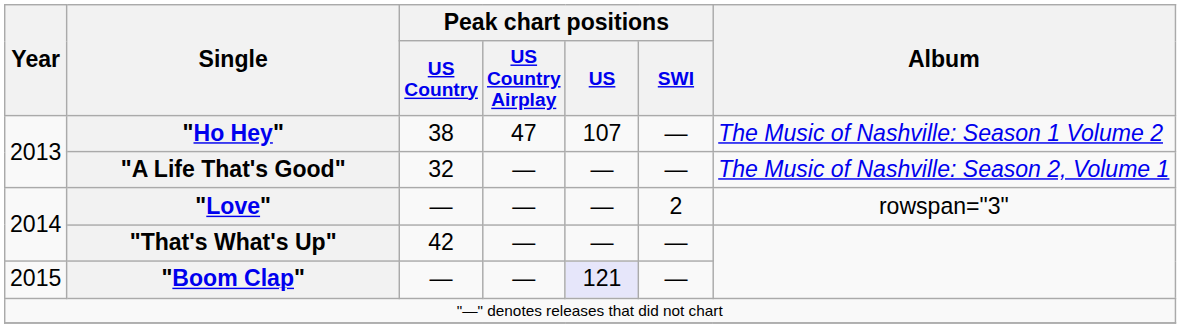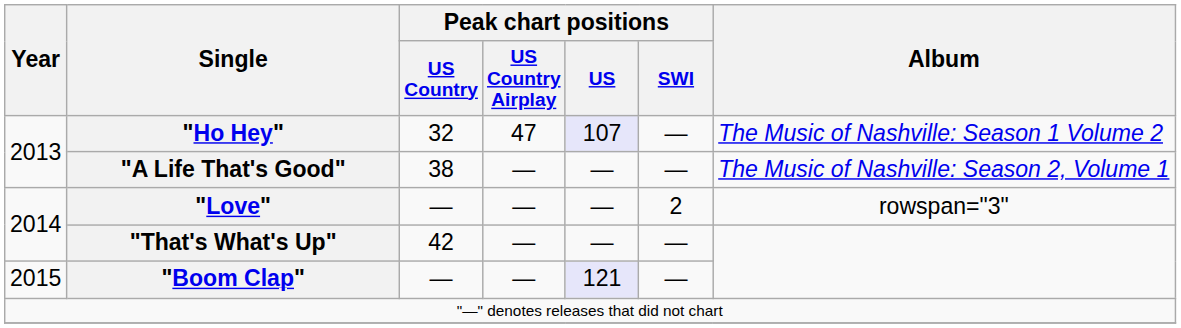 <table class="wikitable plainrowheaders" style="text-align:center;">
 <tr>
 <th rowspan="2">Year</th>
 <th rowspan="2" style="width:14em;">Single</th>
 <th colspan="4">Peak chart positions</th>
 <th rowspan="2">Album</th>
 </tr>
 <tr style="font-size:smaller;">
 <th width="45"><a href='#'>US Country</a></th>
 <th width="45"><a href='#'>US Country Airplay</a></th>
 <th width="45"><a href='#'>US</a></th>
 <th width="45"><a href='#'>SWI</a></th>
 </tr>
 <tr>
 <td rowspan="2">2013</td>
 <th scope="row">"<a href='#'>Ho Hey</a>"</th>
-<td>38</td>
+<td>32</td>
 <td>47</td>
-<td>107</td>
+<td style="background: lavender;">107</td>
 <td>—</td>
 <td align="left"><em><a href='#'>The Music of Nashville: Season 1 Volume 2</a></em></td>
 </tr>
 <tr>
 <th scope="row">"A Life That's Good"</th>
-<td>32</td>
+<td>38</td>
 <td>—</td>
 <td>—</td>
 <td>—</td>
 <td align="left"><em><a href='#'>The Music of Nashville: Season 2, Volume 1</a></em></td>
 </tr>
 <tr>
 <td rowspan="2">2014</td>
 <th scope="row">"<a href='#'>Love</a>"</th>
 <td>—</td>
 <td>—</td>
 <td>—</td>
 <td>2</td>
 <td>rowspan="3" </td>
 </tr>
 <tr>
 <th scope="row">"That's What's Up"</th>
 <td>42</td>
 <td>—</td>
 <td>—</td>
 <td>—</td>
 </tr>
 <tr>
 <td>2015</td>
 <th scope="row">"<a href='#'>Boom Clap</a>"</th>
 <td>—</td>
 <td>—</td>
 <td style="background: lavender;">121</td>
 <td>—</td>
 </tr>
 <tr>
 <td colspan="7" style="font-size:8pt">"—" denotes releases that did not chart</td>
 </tr>
 <tr>
 </tr>
 </table>
